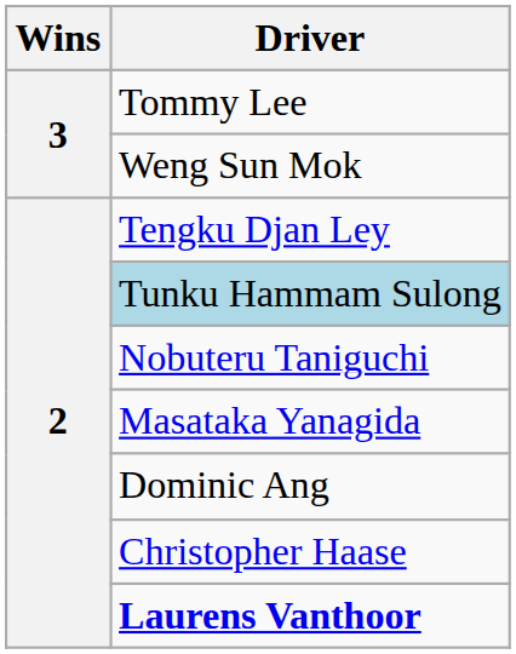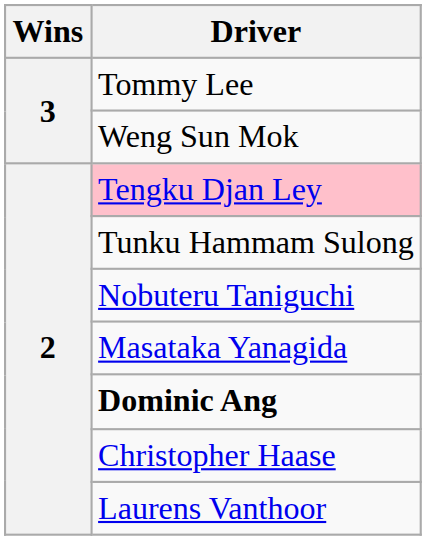 <table class="wikitable" style="font-size: 95%;">
 <tr>
 <th>Wins</th>
 <th>Driver</th>
 </tr>
 <tr>
 <th rowspan=2>3</th>
 <td> Tommy Lee</td>
 </tr>
 <tr>
 <td> Weng Sun Mok</td>
 </tr>
 <tr>
 <th rowspan=7>2</th>
-<td> <a href='#'>Tengku Djan Ley</a></td>
+<td style="background: pink;"> <a href='#'>Tengku Djan Ley</a></td>
 </tr>
 <tr>
-<td style="background: lightblue;"> Tunku Hammam Sulong</td>
+<td> Tunku Hammam Sulong</td>
 </tr>
 <tr>
 <td> <a href='#'>Nobuteru Taniguchi</a></td>
 </tr>
 <tr>
 <td> <a href='#'>Masataka Yanagida</a></td>
 </tr>
 <tr>
-<td> Dominic Ang</td>
+<td><strong> Dominic Ang</strong></td>
 </tr>
 <tr>
 <td> <a href='#'>Christopher Haase</a></td>
 </tr>
 <tr>
-<td><strong> <a href='#'>Laurens Vanthoor</a></strong></td>
+<td> <a href='#'>Laurens Vanthoor</a></td>
 </tr>
 </table>
